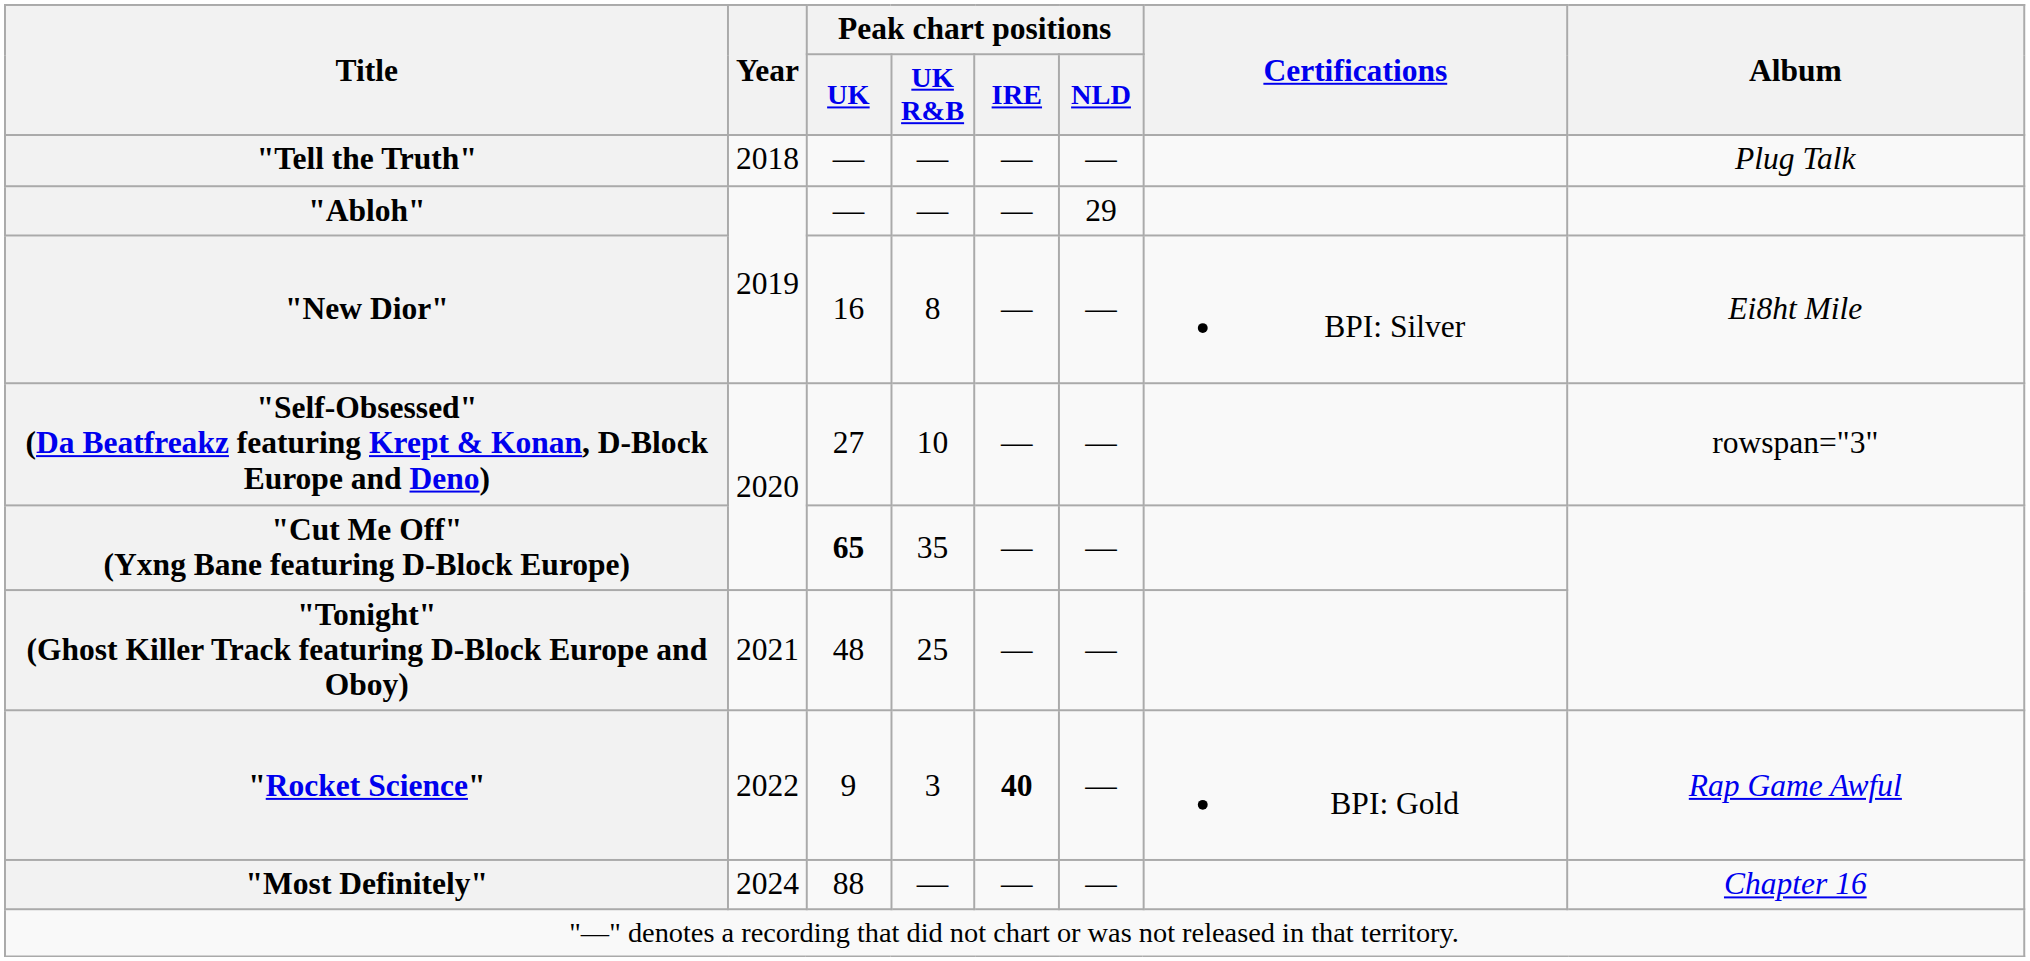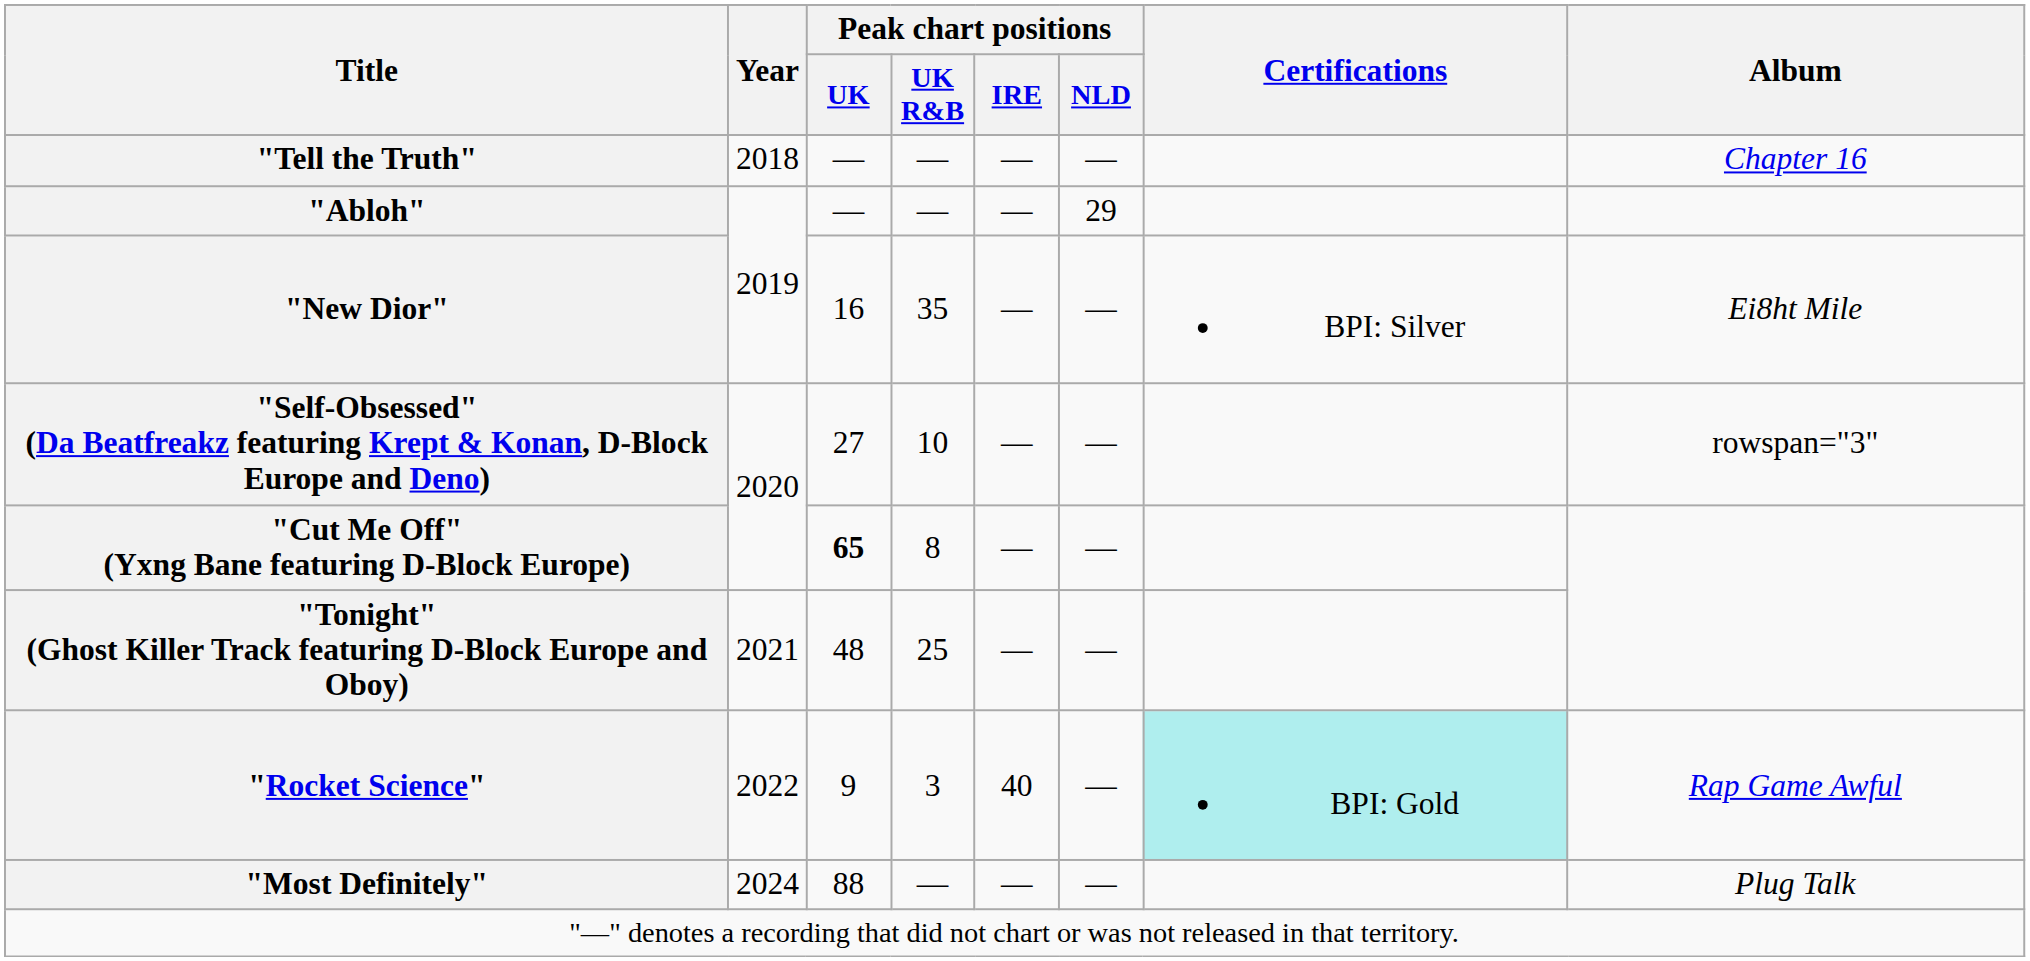 <table class="wikitable plainrowheaders" style="text-align:center;">
 <tr>
 <th scope="col" rowspan="2" style="width:22.5em;">Title</th>
 <th scope="col" rowspan="2" style="width:1em;">Year</th>
 <th scope="col" colspan="4">Peak chart positions</th>
 <th scope="col" rowspan="2" style="width:13em;"><a href='#'>Certifications</a></th>
 <th scope="col" rowspan="2" style="width:14em;">Album</th>
 </tr>
 <tr>
 <th scope="col" style="width:2.5em;font-size:90%;"><a href='#'>UK</a><br></th>
 <th scope="col" style="width:2.5em;font-size:90%;"><a href='#'>UK<br>R&B</a><br></th>
 <th scope="col" style="width:2.5em;font-size:90%;"><a href='#'>IRE</a><br></th>
 <th scope="col" style="width:2.5em;font-size:90%;"><a href='#'>NLD</a><br></th>
 </tr>
 <tr>
 <th scope="row">"Tell the Truth"<br></th>
 <td>2018</td>
 <td>—</td>
 <td>—</td>
 <td>—</td>
 <td>—</td>
 <td></td>
-<td><em>Plug Talk</em></td>
+<td><em><a href='#'>Chapter 16</a></em></td>
 </tr>
 <tr>
 <th scope="row">"Abloh"<br></th>
 <td rowspan="2">2019</td>
 <td>—</td>
 <td>—</td>
 <td>—</td>
 <td>29</td>
 <td></td>
 <td></td>
 </tr>
 <tr>
 <th scope="row">"New Dior"<br></th>
 <td>16</td>
-<td>8</td>
+<td>35</td>
 <td>—</td>
 <td>—</td>
 <td><br><ul><li>BPI: Silver</li></ul></td>
 <td><em>Ei8ht Mile</em></td>
 </tr>
 <tr>
 <th scope="row">"Self-Obsessed"<br><span>(<a href='#'>Da Beatfreakz</a> featuring <a href='#'>Krept & Konan</a>, D-Block Europe and <a href='#'>Deno</a>)</span></th>
 <td rowspan="2">2020</td>
 <td>27</td>
 <td>10</td>
 <td>—</td>
 <td>—</td>
 <td></td>
 <td>rowspan="3" </td>
 </tr>
 <tr>
 <th scope="row">"Cut Me Off"<br><span>(Yxng Bane featuring D-Block Europe)</span></th>
 <td><strong>65</strong></td>
-<td>35</td>
+<td>8</td>
 <td>—</td>
 <td>—</td>
 <td></td>
 </tr>
 <tr>
 <th scope="row">"Tonight"<br><span>(Ghost Killer Track featuring D-Block Europe and Oboy)</span></th>
 <td>2021</td>
 <td>48</td>
 <td>25</td>
 <td>—</td>
 <td>—</td>
 <td></td>
 </tr>
 <tr>
 <th scope="row">"<a href='#'>Rocket Science</a>"<br></th>
 <td>2022</td>
 <td>9</td>
 <td>3</td>
-<td><strong>40</strong></td>
+<td>40</td>
 <td>—</td>
-<td><br><ul><li>BPI: Gold</li></ul></td>
+<td style="background: paleturquoise;"><br><ul><li>BPI: Gold</li></ul></td>
 <td><em><a href='#'>Rap Game Awful</a></em></td>
 </tr>
 <tr>
 <th scope="row">"Most Definitely"<br></th>
 <td>2024</td>
 <td>88</td>
 <td>—</td>
 <td>—</td>
 <td>—</td>
 <td></td>
-<td><em><a href='#'>Chapter 16</a></em></td>
+<td><em>Plug Talk</em></td>
 </tr>
 <tr>
 <td colspan="8" style="font-size:90%">"—" denotes a recording that did not chart or was not released in that territory.</td>
 </tr>
 </table>
